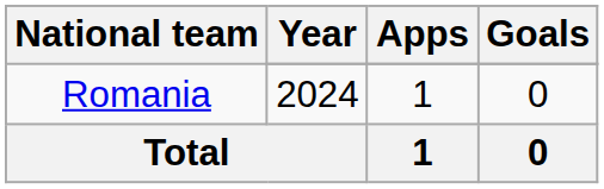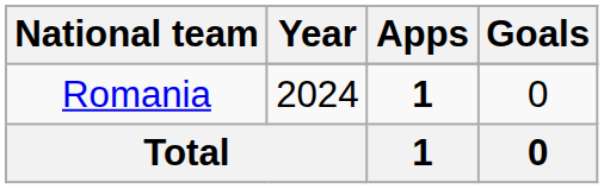 <table class="wikitable" style="text-align: center;">
 <tr>
 <th>National team</th>
 <th>Year</th>
 <th>Apps</th>
 <th>Goals</th>
 </tr>
 <tr>
 <td rowspan="2"><a href='#'>Romania</a></td>
 </tr>
 <tr>
 <td>2024</td>
-<td>1</td>
+<td><strong>1</strong></td>
 <td>0</td>
 </tr>
 <tr>
 <th colspan=2>Total</th>
 <th>1</th>
 <th>0</th>
 </tr>
 </table>
